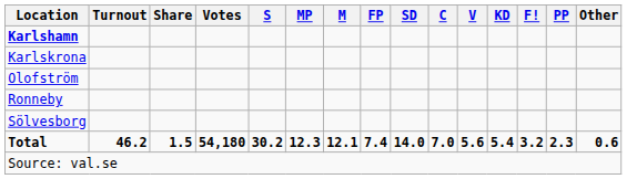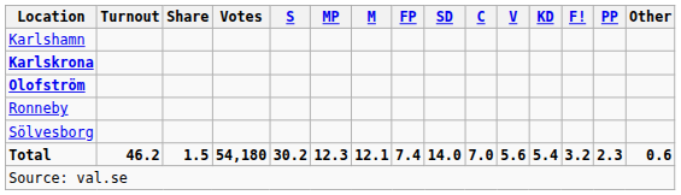 <table class="wikitable sortable" style=text-align:right>
 <tr>
 <th>Location</th>
 <th>Turnout</th>
 <th>Share</th>
 <th>Votes</th>
 <th><a href='#'>S</a></th>
 <th><a href='#'>MP</a></th>
 <th><a href='#'>M</a></th>
 <th><a href='#'>FP</a></th>
 <th><a href='#'>SD</a></th>
 <th><a href='#'>C</a></th>
 <th><a href='#'>V</a></th>
 <th><a href='#'>KD</a></th>
 <th><a href='#'>F!</a></th>
 <th><a href='#'>PP</a></th>
 <th>Other</th>
 </tr>
 <tr>
-<td align=left><strong><a href='#'>Karlshamn</a></strong></td>
+<td align=left><a href='#'>Karlshamn</a></td>
 <td></td>
 <td></td>
 <td></td>
 <td></td>
 <td></td>
 <td></td>
 <td></td>
 <td></td>
 <td></td>
 <td></td>
 <td></td>
 <td></td>
 <td></td>
 <td></td>
 </tr>
 <tr>
-<td align=left><a href='#'>Karlskrona</a></td>
+<td align=left><strong><a href='#'>Karlskrona</a></strong></td>
 <td></td>
 <td></td>
 <td></td>
 <td></td>
 <td></td>
 <td></td>
 <td></td>
 <td></td>
 <td></td>
 <td></td>
 <td></td>
 <td></td>
 <td></td>
 <td></td>
 </tr>
 <tr>
-<td align=left><a href='#'>Olofström</a></td>
+<td align=left><strong><a href='#'>Olofström</a></strong></td>
 <td></td>
 <td></td>
 <td></td>
 <td></td>
 <td></td>
 <td></td>
 <td></td>
 <td></td>
 <td></td>
 <td></td>
 <td></td>
 <td></td>
 <td></td>
 <td></td>
 </tr>
 <tr>
 <td align=left><a href='#'>Ronneby</a></td>
 <td></td>
 <td></td>
 <td></td>
 <td></td>
 <td></td>
 <td></td>
 <td></td>
 <td></td>
 <td></td>
 <td></td>
 <td></td>
 <td></td>
 <td></td>
 <td></td>
 </tr>
 <tr>
 <td align=left><a href='#'>Sölvesborg</a></td>
 <td></td>
 <td></td>
 <td></td>
 <td></td>
 <td></td>
 <td></td>
 <td></td>
 <td></td>
 <td></td>
 <td></td>
 <td></td>
 <td></td>
 <td></td>
 <td></td>
 </tr>
 <tr>
 <td align=left><strong>Total</strong></td>
 <td><strong>46.2</strong></td>
 <td><strong>1.5</strong></td>
 <td><strong>54,180</strong></td>
 <td><strong>30.2</strong></td>
 <td><strong>12.3</strong></td>
 <td><strong>12.1</strong></td>
 <td><strong>7.4</strong></td>
 <td><strong>14.0</strong></td>
 <td><strong>7.0</strong></td>
 <td><strong>5.6</strong></td>
 <td><strong>5.4</strong></td>
 <td><strong>3.2</strong></td>
 <td><strong>2.3</strong></td>
 <td><strong>0.6</strong></td>
 </tr>
 <tr>
 <td align=left colspan=15>Source: val.se </td>
 </tr>
 </table>
